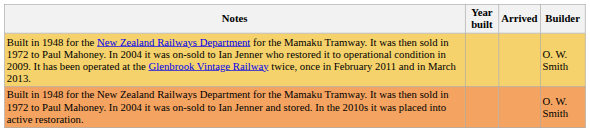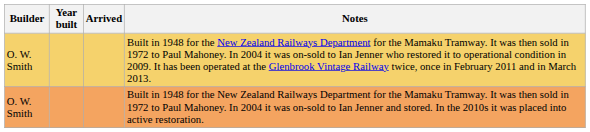 <table class="sortable wikitable" border="1">
 <tr>
-<th>Notes</th>
+<th>Builder</th>
 <th>Year built</th>
 <th>Arrived</th>
-<th>Builder</th>
+<th>Notes</th>
 </tr>
 <tr style="background:#F5D26C;">
-<td>Built in 1948 for the <a href='#'>New Zealand Railways Department</a> for the Mamaku Tramway. It was then sold in 1972 to Paul Mahoney. In 2004 it was on-sold to Ian Jenner who restored it to operational condition in 2009. It has been operated at the <a href='#'>Glenbrook Vintage Railway</a> twice, once in February 2011 and in March 2013.</td>
+<td>O. W. Smith</td>
 <td></td>
 <td></td>
-<td>O. W. Smith</td>
+<td>Built in 1948 for the <a href='#'>New Zealand Railways Department</a> for the Mamaku Tramway. It was then sold in 1972 to Paul Mahoney. In 2004 it was on-sold to Ian Jenner who restored it to operational condition in 2009. It has been operated at the <a href='#'>Glenbrook Vintage Railway</a> twice, once in February 2011 and in March 2013.</td>
 </tr>
 <tr style="background:#f4a460;">
-<td>Built in 1948 for the New Zealand Railways Department for the Mamaku Tramway. It was then sold in 1972 to Paul Mahoney. In 2004 it was on-sold to Ian Jenner and stored. In the 2010s it was placed into active restoration.</td>
+<td>O. W. Smith</td>
 <td></td>
 <td></td>
-<td>O. W. Smith</td>
+<td>Built in 1948 for the New Zealand Railways Department for the Mamaku Tramway. It was then sold in 1972 to Paul Mahoney. In 2004 it was on-sold to Ian Jenner and stored. In the 2010s it was placed into active restoration.</td>
 </tr>
 </table>
